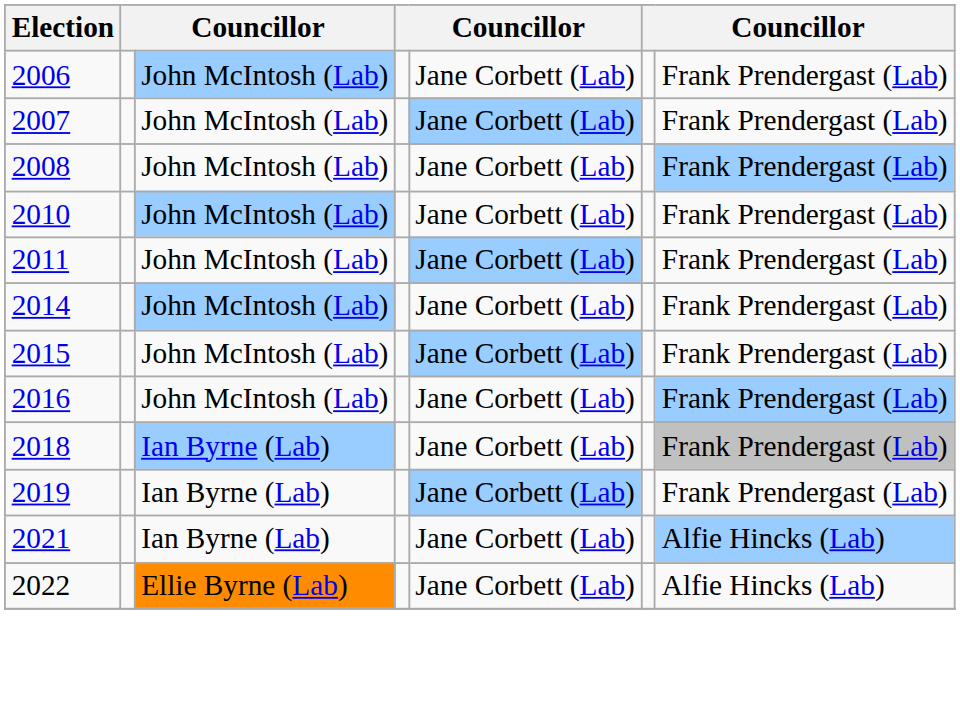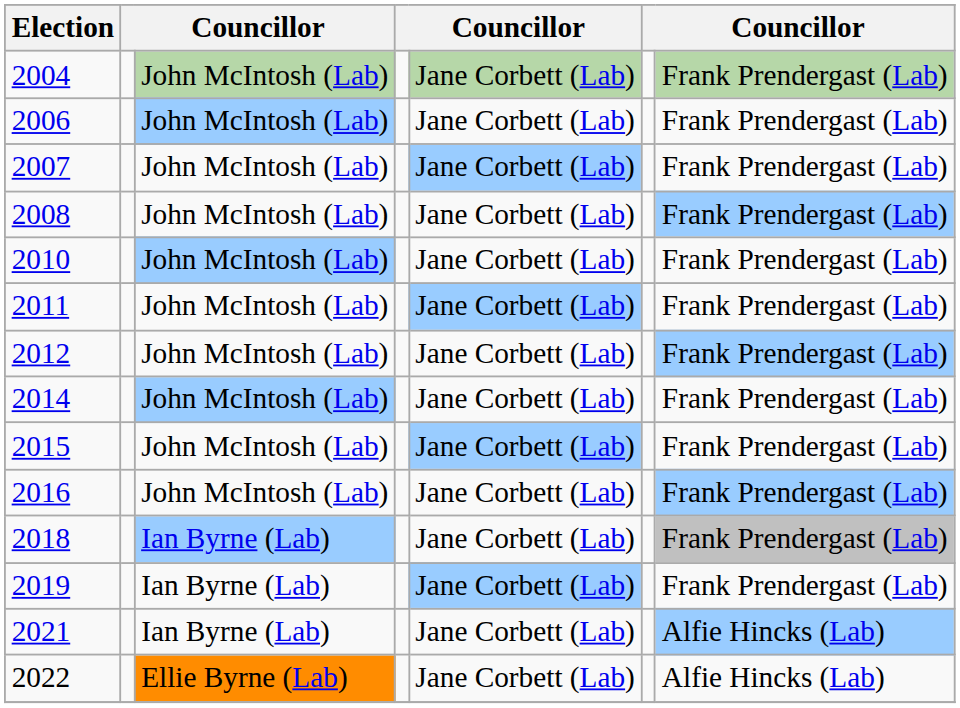 <table class="wikitable">
 <tr>
 <th>Election</th>
 <th colspan="2">Councillor</th>
 <th colspan="2">Councillor</th>
 <th colspan="2">Councillor</th>
+</tr>
+<tr>
+<td><a href='#'>2004</a></td>
+<td style="background-color: "></td>
+<td bgcolor="#B6D7A8">John McIntosh (<a href='#'>Lab</a>)</td>
+<td style="background-color: "></td>
+<td bgcolor="#B6D7A8">Jane Corbett (<a href='#'>Lab</a>)</td>
+<td style="background-color: "></td>
+<td bgcolor="#B6D7A8">Frank Prendergast (<a href='#'>Lab</a>)</td>
 </tr>
 <tr>
 <td><a href='#'>2006</a></td>
 <td style="background-color: "></td>
 <td bgcolor="#99CCFF">John McIntosh (<a href='#'>Lab</a>)</td>
 <td style="background-color: "></td>
 <td>Jane Corbett (<a href='#'>Lab</a>)</td>
 <td style="background-color: "></td>
 <td>Frank Prendergast (<a href='#'>Lab</a>)</td>
 </tr>
 <tr>
 <td><a href='#'>2007</a></td>
 <td style="background-color: "></td>
 <td>John McIntosh (<a href='#'>Lab</a>)</td>
 <td style="background-color: "></td>
 <td bgcolor="#99CCFF">Jane Corbett (<a href='#'>Lab</a>)</td>
 <td style="background-color: "></td>
 <td>Frank Prendergast (<a href='#'>Lab</a>)</td>
 </tr>
 <tr>
 <td><a href='#'>2008</a></td>
 <td style="background-color: "></td>
 <td>John McIntosh (<a href='#'>Lab</a>)</td>
 <td style="background-color: "></td>
 <td>Jane Corbett (<a href='#'>Lab</a>)</td>
 <td style="background-color: "></td>
 <td bgcolor="#99CCFF">Frank Prendergast (<a href='#'>Lab</a>)</td>
 </tr>
 <tr>
 <td><a href='#'>2010</a></td>
 <td style="background-color: "></td>
 <td bgcolor="#99CCFF">John McIntosh (<a href='#'>Lab</a>)</td>
 <td style="background-color: "></td>
 <td>Jane Corbett (<a href='#'>Lab</a>)</td>
 <td style="background-color: "></td>
 <td>Frank Prendergast (<a href='#'>Lab</a>)</td>
 </tr>
 <tr>
 <td><a href='#'>2011</a></td>
 <td style="background-color: "></td>
 <td>John McIntosh (<a href='#'>Lab</a>)</td>
 <td style="background-color: "></td>
 <td bgcolor="#99CCFF">Jane Corbett (<a href='#'>Lab</a>)</td>
 <td style="background-color: "></td>
 <td>Frank Prendergast (<a href='#'>Lab</a>)</td>
+</tr>
+<tr>
+<td><a href='#'>2012</a></td>
+<td style="background-color: "></td>
+<td>John McIntosh (<a href='#'>Lab</a>)</td>
+<td style="background-color: "></td>
+<td>Jane Corbett (<a href='#'>Lab</a>)</td>
+<td style="background-color: "></td>
+<td bgcolor="#99CCFF">Frank Prendergast (<a href='#'>Lab</a>)</td>
 </tr>
 <tr>
 <td><a href='#'>2014</a></td>
 <td style="background-color: "></td>
 <td bgcolor="#99CCFF">John McIntosh (<a href='#'>Lab</a>)</td>
 <td style="background-color: "></td>
 <td>Jane Corbett (<a href='#'>Lab</a>)</td>
 <td style="background-color: "></td>
 <td>Frank Prendergast (<a href='#'>Lab</a>)</td>
 </tr>
 <tr>
 <td><a href='#'>2015</a></td>
 <td style="background-color: "></td>
 <td>John McIntosh (<a href='#'>Lab</a>)</td>
 <td style="background-color: "></td>
 <td bgcolor="#99CCFF">Jane Corbett (<a href='#'>Lab</a>)</td>
 <td style="background-color: "></td>
 <td>Frank Prendergast (<a href='#'>Lab</a>)</td>
 </tr>
 <tr>
 <td><a href='#'>2016</a></td>
 <td style="background-color: "></td>
 <td>John McIntosh (<a href='#'>Lab</a>)</td>
 <td style="background-color: "></td>
 <td>Jane Corbett (<a href='#'>Lab</a>)</td>
 <td style="background-color: "></td>
 <td bgcolor="#99CCFF">Frank Prendergast (<a href='#'>Lab</a>)</td>
 </tr>
 <tr>
 <td><a href='#'>2018</a></td>
 <td style="background-color: "></td>
 <td bgcolor="#99CCFF"><a href='#'>Ian Byrne</a> (<a href='#'>Lab</a>)</td>
 <td style="background-color: "></td>
 <td>Jane Corbett (<a href='#'>Lab</a>)</td>
 <td style="background-color: "></td>
 <td bgcolor="#C0C0C0">Frank Prendergast (<a href='#'>Lab</a>)</td>
 </tr>
 <tr>
 <td><a href='#'>2019</a></td>
 <td style="background-color: "></td>
 <td>Ian Byrne (<a href='#'>Lab</a>)</td>
 <td style="background-color: "></td>
 <td bgcolor="#99CCFF">Jane Corbett (<a href='#'>Lab</a>)</td>
 <td style="background-color: "></td>
 <td>Frank Prendergast (<a href='#'>Lab</a>)</td>
 </tr>
 <tr>
 <td><a href='#'>2021</a></td>
 <td style="background-color: "></td>
 <td>Ian Byrne (<a href='#'>Lab</a>)</td>
 <td style="background-color: "></td>
 <td>Jane Corbett (<a href='#'>Lab</a>)</td>
 <td style="background-color: "></td>
 <td bgcolor="#99CCFF">Alfie Hincks (<a href='#'>Lab</a>)</td>
 </tr>
 <tr>
 <td>2022</td>
 <td style="background-color: "></td>
 <td bgcolor="#FF8C00">Ellie Byrne (<a href='#'>Lab</a>)</td>
 <td style="background-color: "></td>
 <td>Jane Corbett (<a href='#'>Lab</a>)</td>
 <td style="background-color: "></td>
 <td>Alfie Hincks (<a href='#'>Lab</a>)</td>
 </tr>
 <tr>
 </tr>
 </table>
